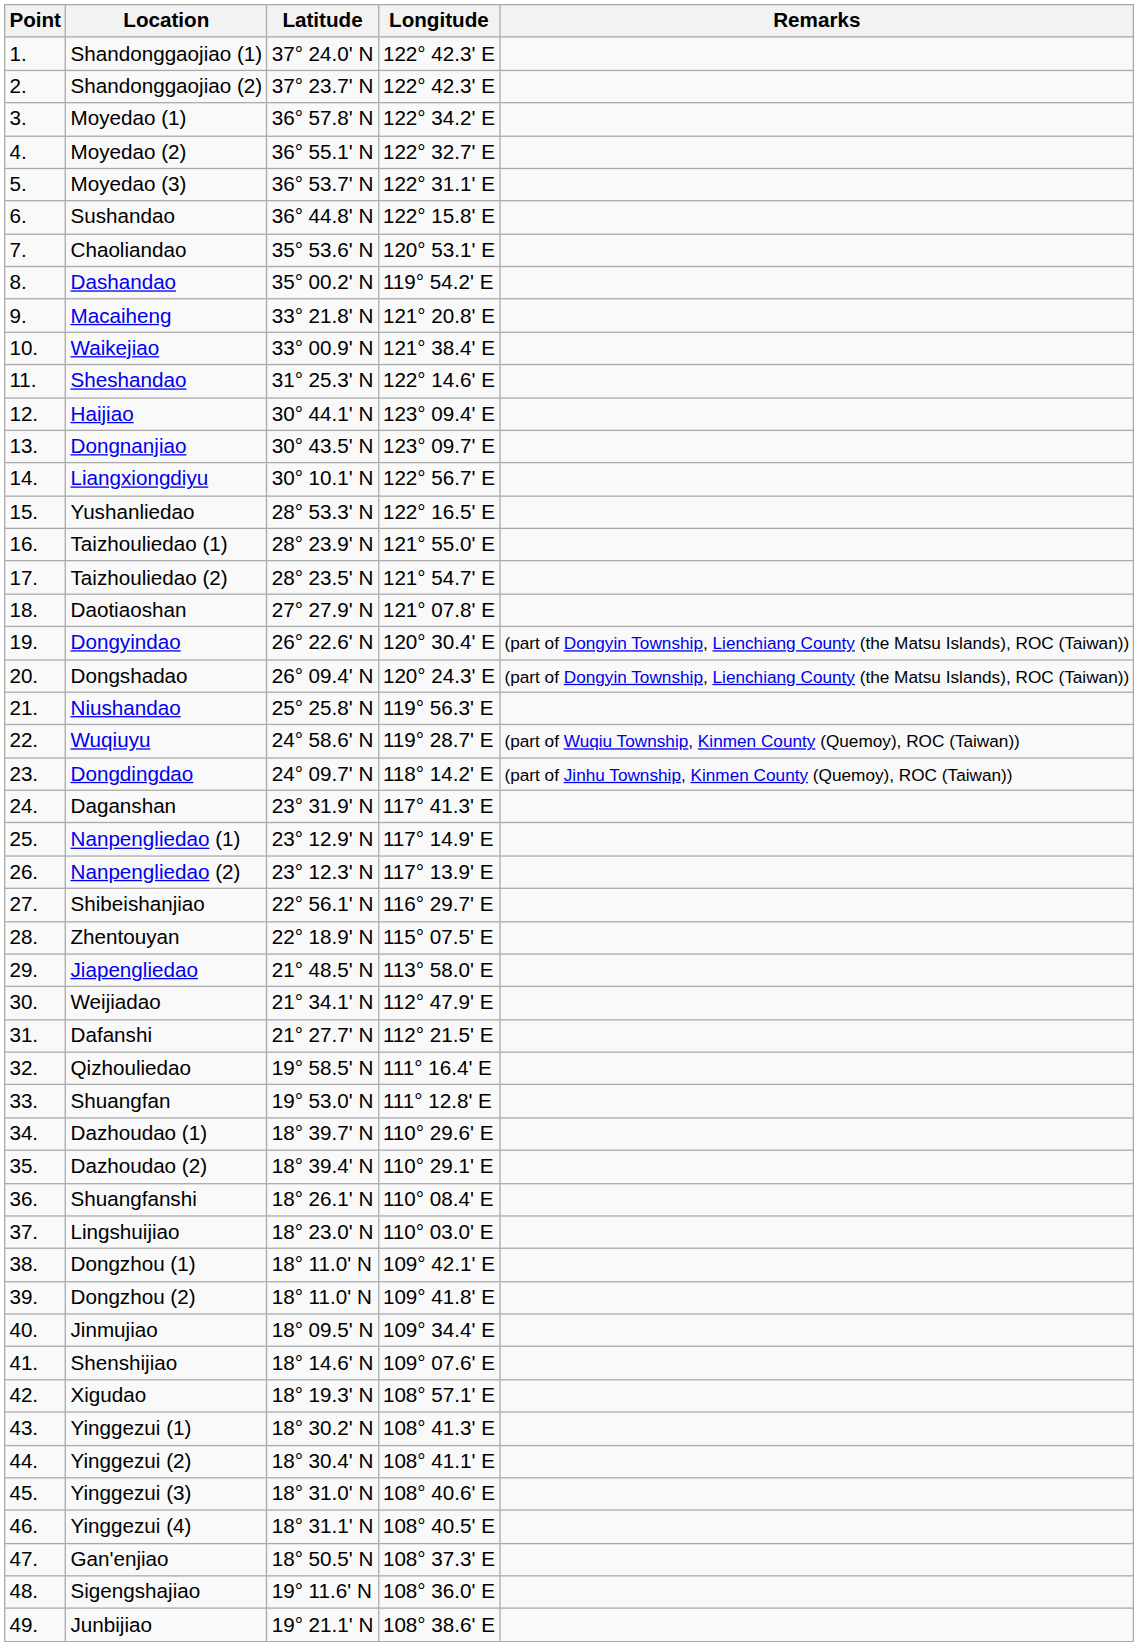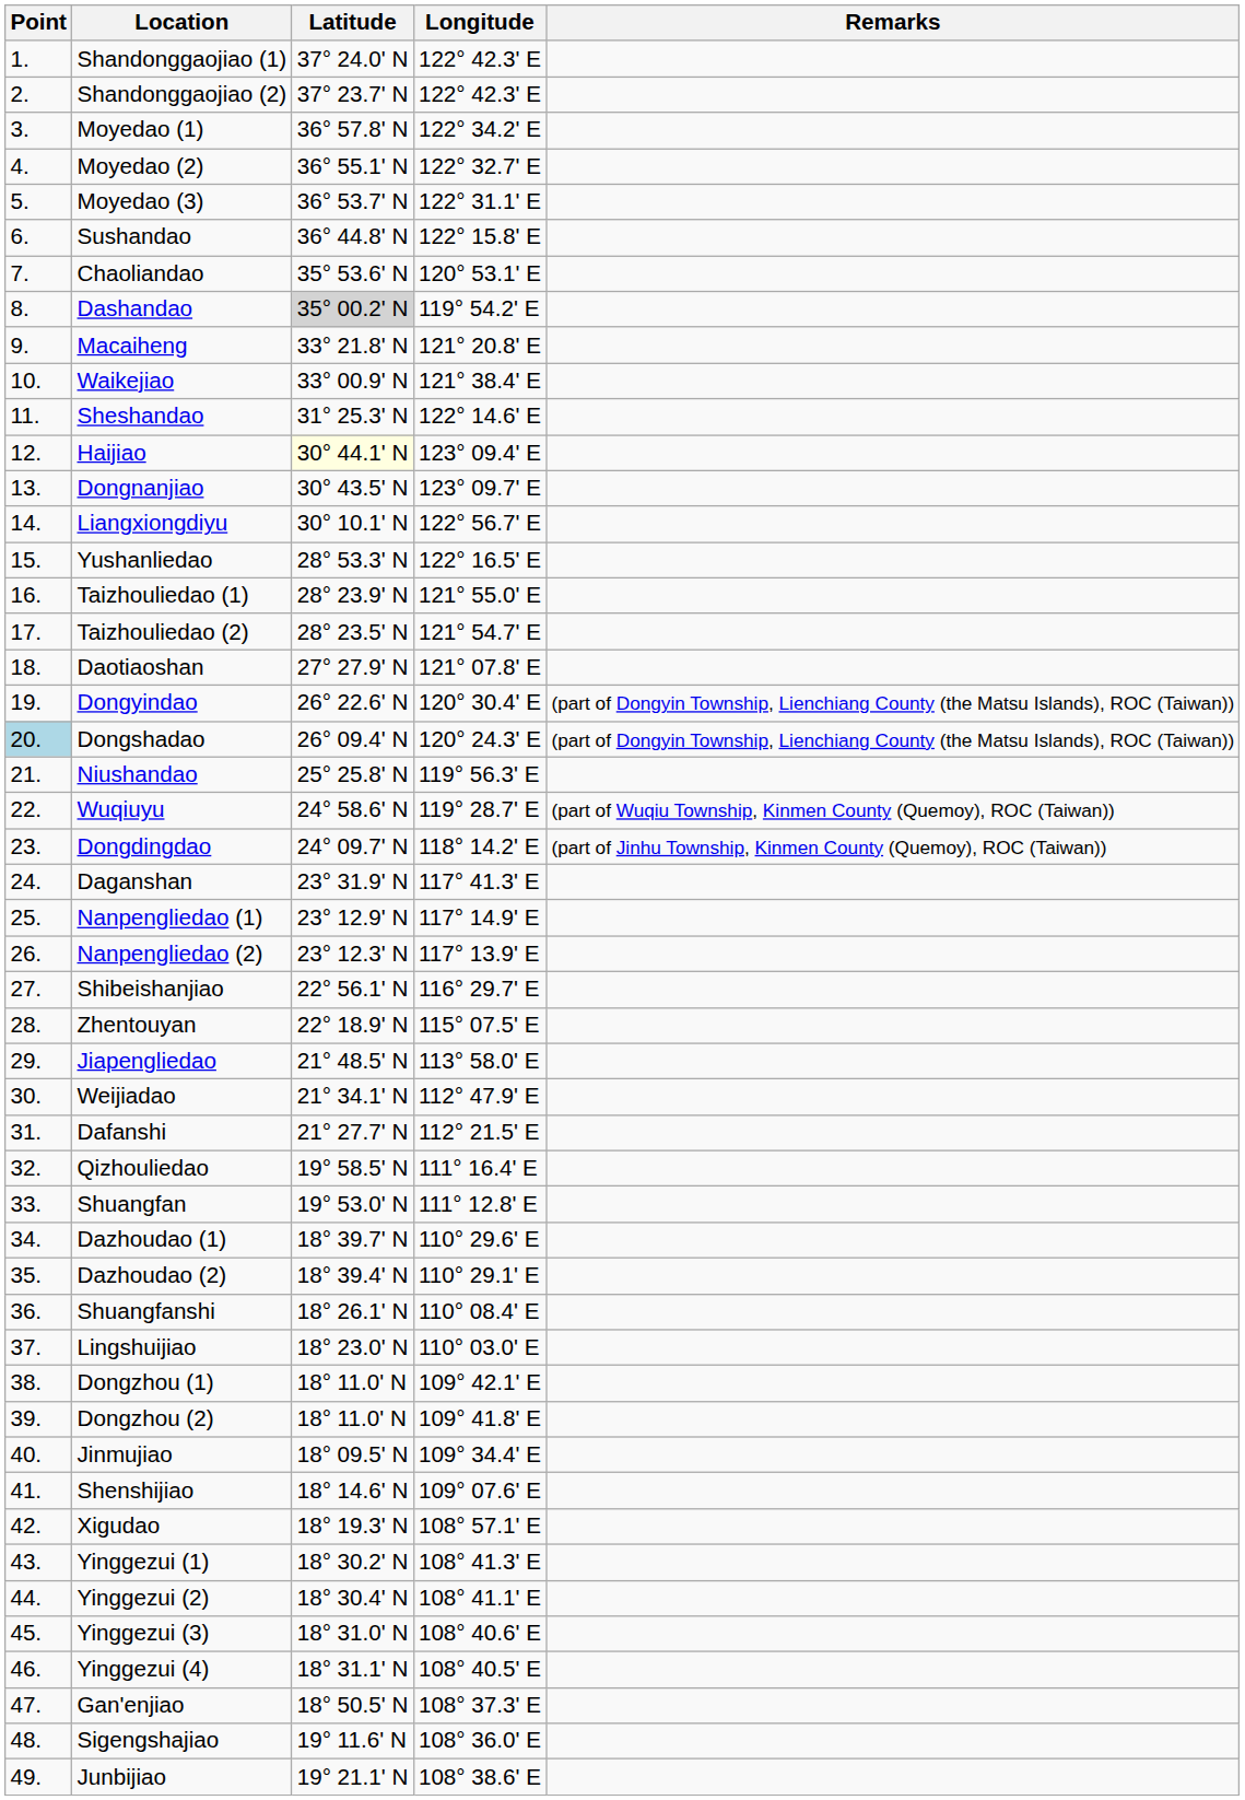 <table class="wikitable">
 <tr>
 <th>Point</th>
 <th>Location</th>
 <th>Latitude</th>
 <th>Longitude</th>
 <th>Remarks</th>
 </tr>
 <tr>
 <td>1.</td>
 <td>Shandonggaojiao (1)</td>
 <td>37° 24.0' N</td>
 <td>122° 42.3' E</td>
 <td></td>
 </tr>
 <tr>
 <td>2.</td>
 <td>Shandonggaojiao (2)</td>
 <td>37° 23.7' N</td>
 <td>122° 42.3' E</td>
 <td></td>
 </tr>
 <tr>
 <td>3.</td>
 <td>Moyedao (1)</td>
 <td>36° 57.8' N</td>
 <td>122° 34.2' E</td>
 <td></td>
 </tr>
 <tr>
 <td>4.</td>
 <td>Moyedao (2)</td>
 <td>36° 55.1' N</td>
 <td>122° 32.7' E</td>
 <td></td>
 </tr>
 <tr>
 <td>5.</td>
 <td>Moyedao (3)</td>
 <td>36° 53.7' N</td>
 <td>122° 31.1' E</td>
 <td></td>
 </tr>
 <tr>
 <td>6.</td>
 <td>Sushandao</td>
 <td>36° 44.8' N</td>
 <td>122° 15.8' E</td>
 <td></td>
 </tr>
 <tr>
 <td>7.</td>
 <td>Chaoliandao</td>
 <td>35° 53.6' N</td>
 <td>120° 53.1' E</td>
 <td></td>
 </tr>
 <tr>
 <td>8.</td>
 <td><a href='#'>Dashandao</a></td>
-<td>35° 00.2' N</td>
+<td style="background: lightgrey;">35° 00.2' N</td>
 <td>119° 54.2' E</td>
 <td></td>
 </tr>
 <tr>
 <td>9.</td>
 <td><a href='#'>Macaiheng</a></td>
 <td>33° 21.8' N</td>
 <td>121° 20.8' E</td>
 <td></td>
 </tr>
 <tr>
 <td>10.</td>
 <td><a href='#'>Waikejiao</a></td>
 <td>33° 00.9' N</td>
 <td>121° 38.4' E</td>
 <td></td>
 </tr>
 <tr>
 <td>11.</td>
 <td><a href='#'>Sheshandao</a></td>
 <td>31° 25.3' N</td>
 <td>122° 14.6' E</td>
 <td></td>
 </tr>
 <tr>
 <td>12.</td>
 <td><a href='#'>Haijiao</a></td>
-<td>30° 44.1' N</td>
+<td style="background: lightyellow;">30° 44.1' N</td>
 <td>123° 09.4' E</td>
 <td></td>
 </tr>
 <tr>
 <td>13.</td>
 <td><a href='#'>Dongnanjiao</a></td>
 <td>30° 43.5' N</td>
 <td>123° 09.7' E</td>
 <td></td>
 </tr>
 <tr>
 <td>14.</td>
 <td><a href='#'>Liangxiongdiyu</a></td>
 <td>30° 10.1' N</td>
 <td>122° 56.7' E</td>
 <td></td>
 </tr>
 <tr>
 <td>15.</td>
 <td>Yushanliedao</td>
 <td>28° 53.3' N</td>
 <td>122° 16.5' E</td>
 <td></td>
 </tr>
 <tr>
 <td>16.</td>
 <td>Taizhouliedao (1)</td>
 <td>28° 23.9' N</td>
 <td>121° 55.0' E</td>
 <td></td>
 </tr>
 <tr>
 <td>17.</td>
 <td>Taizhouliedao (2)</td>
 <td>28° 23.5' N</td>
 <td>121° 54.7' E</td>
 <td></td>
 </tr>
 <tr>
 <td>18.</td>
 <td>Daotiaoshan</td>
 <td>27° 27.9' N</td>
 <td>121° 07.8' E</td>
 <td></td>
 </tr>
 <tr>
 <td>19.</td>
 <td><a href='#'>Dongyindao</a></td>
 <td>26° 22.6' N</td>
 <td>120° 30.4' E</td>
 <td><small>(part of <a href='#'>Dongyin Township</a>, <a href='#'>Lienchiang County</a> (the Matsu Islands), ROC (Taiwan))</small></td>
 </tr>
 <tr>
-<td>20.</td>
+<td style="background: lightblue;">20.</td>
 <td>Dongshadao</td>
 <td>26° 09.4' N</td>
 <td>120° 24.3' E</td>
 <td><small>(part of <a href='#'>Dongyin Township</a>, <a href='#'>Lienchiang County</a> (the Matsu Islands), ROC (Taiwan))</small></td>
 </tr>
 <tr>
 <td>21.</td>
 <td><a href='#'>Niushandao</a></td>
 <td>25° 25.8' N</td>
 <td>119° 56.3' E</td>
 <td></td>
 </tr>
 <tr>
 <td>22.</td>
 <td><a href='#'>Wuqiuyu</a></td>
 <td>24° 58.6' N</td>
 <td>119° 28.7' E</td>
 <td><small>(part of <a href='#'>Wuqiu Township</a>, <a href='#'>Kinmen County</a> (Quemoy), ROC (Taiwan))</small></td>
 </tr>
 <tr>
 <td>23.</td>
 <td><a href='#'>Dongdingdao</a></td>
 <td>24° 09.7' N</td>
 <td>118° 14.2' E</td>
 <td><small>(part of <a href='#'>Jinhu Township</a>, <a href='#'>Kinmen County</a> (Quemoy), ROC (Taiwan))</small></td>
 </tr>
 <tr>
 <td>24.</td>
 <td>Daganshan</td>
 <td>23° 31.9' N</td>
 <td>117° 41.3' E</td>
 <td></td>
 </tr>
 <tr>
 <td>25.</td>
 <td><a href='#'>Nanpengliedao</a> (1)</td>
 <td>23° 12.9' N</td>
 <td>117° 14.9' E</td>
 <td></td>
 </tr>
 <tr>
 <td>26.</td>
 <td><a href='#'>Nanpengliedao</a> (2)</td>
 <td>23° 12.3' N</td>
 <td>117° 13.9' E</td>
 <td></td>
 </tr>
 <tr>
 <td>27.</td>
 <td>Shibeishanjiao</td>
 <td>22° 56.1' N</td>
 <td>116° 29.7' E</td>
 <td></td>
 </tr>
 <tr>
 <td>28.</td>
 <td>Zhentouyan</td>
 <td>22° 18.9' N</td>
 <td>115° 07.5' E</td>
 <td></td>
 </tr>
 <tr>
 <td>29.</td>
 <td><a href='#'>Jiapengliedao</a></td>
 <td>21° 48.5' N</td>
 <td>113° 58.0' E</td>
 <td></td>
 </tr>
 <tr>
 <td>30.</td>
 <td>Weijiadao</td>
 <td>21° 34.1' N</td>
 <td>112° 47.9' E</td>
 <td></td>
 </tr>
 <tr>
 <td>31.</td>
 <td>Dafanshi</td>
 <td>21° 27.7' N</td>
 <td>112° 21.5' E</td>
 <td></td>
 </tr>
 <tr>
 <td>32.</td>
 <td>Qizhouliedao</td>
 <td>19° 58.5' N</td>
 <td>111° 16.4' E</td>
 <td></td>
 </tr>
 <tr>
 <td>33.</td>
 <td>Shuangfan</td>
 <td>19° 53.0' N</td>
 <td>111° 12.8' E</td>
 <td></td>
 </tr>
 <tr>
 <td>34.</td>
 <td>Dazhoudao (1)</td>
 <td>18° 39.7' N</td>
 <td>110° 29.6' E</td>
 <td></td>
 </tr>
 <tr>
 <td>35.</td>
 <td>Dazhoudao (2)</td>
 <td>18° 39.4' N</td>
 <td>110° 29.1' E</td>
 <td></td>
 </tr>
 <tr>
 <td>36.</td>
 <td>Shuangfanshi</td>
 <td>18° 26.1' N</td>
 <td>110° 08.4' E</td>
 <td></td>
 </tr>
 <tr>
 <td>37.</td>
 <td>Lingshuijiao</td>
 <td>18° 23.0' N</td>
 <td>110° 03.0' E</td>
 <td></td>
 </tr>
 <tr>
 <td>38.</td>
 <td>Dongzhou (1)</td>
 <td>18° 11.0' N</td>
 <td>109° 42.1' E</td>
 <td></td>
 </tr>
 <tr>
 <td>39.</td>
 <td>Dongzhou (2)</td>
 <td>18° 11.0' N</td>
 <td>109° 41.8' E</td>
 <td></td>
 </tr>
 <tr>
 <td>40.</td>
 <td>Jinmujiao</td>
 <td>18° 09.5' N</td>
 <td>109° 34.4' E</td>
 <td></td>
 </tr>
 <tr>
 <td>41.</td>
 <td>Shenshijiao</td>
 <td>18° 14.6' N</td>
 <td>109° 07.6' E</td>
 <td></td>
 </tr>
 <tr>
 <td>42.</td>
 <td>Xigudao</td>
 <td>18° 19.3' N</td>
 <td>108° 57.1' E</td>
 <td></td>
 </tr>
 <tr>
 <td>43.</td>
 <td>Yinggezui (1)</td>
 <td>18° 30.2' N</td>
 <td>108° 41.3' E</td>
 <td></td>
 </tr>
 <tr>
 <td>44.</td>
 <td>Yinggezui (2)</td>
 <td>18° 30.4' N</td>
 <td>108° 41.1' E</td>
 <td></td>
 </tr>
 <tr>
 <td>45.</td>
 <td>Yinggezui (3)</td>
 <td>18° 31.0' N</td>
 <td>108° 40.6' E</td>
 <td></td>
 </tr>
 <tr>
 <td>46.</td>
 <td>Yinggezui (4)</td>
 <td>18° 31.1' N</td>
 <td>108° 40.5' E</td>
 <td></td>
 </tr>
 <tr>
 <td>47.</td>
 <td>Gan'enjiao</td>
 <td>18° 50.5' N</td>
 <td>108° 37.3' E</td>
 <td></td>
 </tr>
 <tr>
 <td>48.</td>
 <td>Sigengshajiao</td>
 <td>19° 11.6' N</td>
 <td>108° 36.0' E</td>
 <td></td>
 </tr>
 <tr>
 <td>49.</td>
 <td>Junbijiao</td>
 <td>19° 21.1' N</td>
 <td>108° 38.6' E</td>
 <td></td>
 </tr>
 </table>
